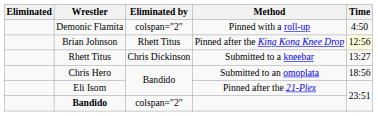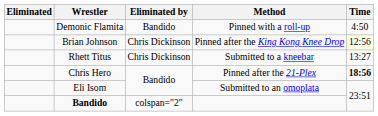 <table class="wikitable sortable" style="text-align:center;">
 <tr>
 <th>Eliminated</th>
 <th>Wrestler</th>
 <th>Eliminated by</th>
 <th>Method</th>
 <th>Time</th>
 </tr>
 <tr>
 <td></td>
 <td>Demonic Flamita</td>
-<td>colspan="2" </td>
+<td>Bandido</td>
 <td>Pinned with a <a href='#'>roll-up</a></td>
 <td>4:50</td>
 </tr>
 <tr>
 <td></td>
 <td>Brian Johnson</td>
-<td>Rhett Titus</td>
+<td>Chris Dickinson</td>
 <td>Pinned after the <em><a href='#'>King Kong Knee Drop</a></em></td>
 <td style="background: lightyellow;">12:56</td>
 </tr>
 <tr>
 <td></td>
 <td>Rhett Titus</td>
 <td>Chris Dickinson</td>
 <td>Submitted to a <a href='#'>kneebar</a></td>
 <td>13:27</td>
 </tr>
 <tr>
 <td></td>
 <td>Chris Hero</td>
 <td rowspan=2>Bandido</td>
-<td>Submitted to an <a href='#'>omoplata</a></td>
-<td>18:56</td>
+<td>Pinned after the <em><a href='#'>21-Plex</a></em></td>
+<td><strong>18:56</strong></td>
 </tr>
 <tr>
 <td></td>
 <td>Eli Isom</td>
-<td>Pinned after the <em><a href='#'>21-Plex</a></em></td>
+<td>Submitted to an <a href='#'>omoplata</a></td>
 <td rowspan=2>23:51</td>
 </tr>
 <tr>
 <td></td>
 <td><strong>Bandido</strong></td>
 <td>colspan="2" </td>
 </tr>
 </table>
